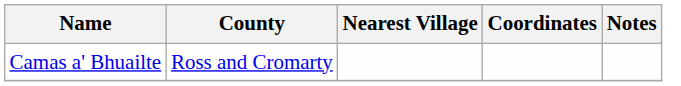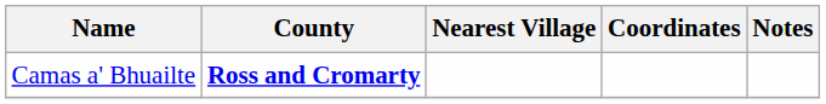 <table class="wikitable sortable" style="table-layout:fixed;background-color:#FEFEFE;font-size:95%;padding:0.30em;line-height:1.35em;">
 <tr>
 <th scope="col">Name</th>
 <th scope="col">County</th>
 <th scope="col">Nearest Village</th>
 <th scope="col" data-sort-type="number">Coordinates</th>
 <th scope="col">Notes</th>
 </tr>
 <tr>
 <td><a href='#'>Camas a' Bhuailte</a></td>
-<td><a href='#'>Ross and Cromarty</a></td>
+<td><strong><a href='#'>Ross and Cromarty</a></strong></td>
 <td></td>
 <td></td>
 <td></td>
 </tr>
 <tr>
 </tr>
 </table>
